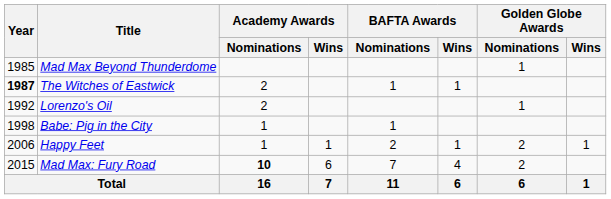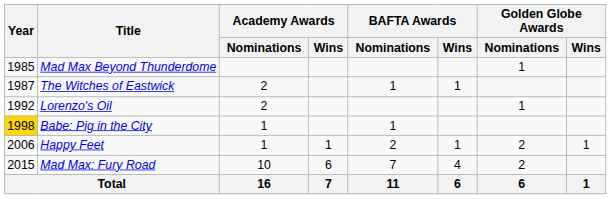 <table class="wikitable">
 <tr>
 <th rowspan="2">Year</th>
 <th rowspan="2">Title</th>
 <th colspan="2" style="text-align:center;" width=160>Academy Awards</th>
 <th colspan="2" style="text-align:center;" width=160>BAFTA Awards</th>
 <th colspan="2" style="text-align:center;" width=160>Golden Globe Awards</th>
 </tr>
 <tr>
 <th>Nominations</th>
 <th>Wins</th>
 <th>Nominations</th>
 <th>Wins</th>
 <th>Nominations</th>
 <th>Wins</th>
 </tr>
 <tr>
 <td>1985</td>
 <td><em><a href='#'>Mad Max Beyond Thunderdome</a></em></td>
 <td></td>
 <td></td>
 <td></td>
 <td></td>
 <td align=center>1</td>
 <td></td>
 </tr>
 <tr>
-<td><strong>1987</strong></td>
+<td>1987</td>
 <td><em><a href='#'>The Witches of Eastwick</a></em></td>
 <td align=center>2</td>
 <td></td>
 <td align=center>1</td>
 <td align=center>1</td>
 <td></td>
 <td></td>
 </tr>
 <tr>
 <td>1992</td>
 <td><em><a href='#'>Lorenzo's Oil</a></em></td>
 <td align=center>2</td>
 <td></td>
 <td></td>
 <td></td>
 <td align=center>1</td>
 <td></td>
 </tr>
 <tr>
-<td>1998</td>
+<td style="background: gold;">1998</td>
 <td><em><a href='#'>Babe: Pig in the City</a></em></td>
 <td align=center>1</td>
 <td></td>
 <td align=center>1</td>
 <td></td>
 <td></td>
 <td></td>
 </tr>
 <tr>
 <td>2006</td>
 <td><em><a href='#'>Happy Feet</a></em></td>
 <td align=center>1</td>
 <td align=center>1</td>
 <td align=center>2</td>
 <td align=center>1</td>
 <td align=center>2</td>
 <td align=center>1</td>
 </tr>
 <tr>
 <td>2015</td>
 <td><em><a href='#'>Mad Max: Fury Road</a></em></td>
-<td align=center><strong>10</strong></td>
+<td align=center>10</td>
 <td align=center>6</td>
 <td align=center>7</td>
 <td align=center>4</td>
 <td align=center>2</td>
 <td></td>
 </tr>
 <tr>
 <th colspan="2">Total</th>
 <th align=center>16</th>
 <th align=center>7</th>
 <th align=center>11</th>
 <th align=center>6</th>
 <th align=center>6</th>
 <th align=center>1</th>
 </tr>
 </table>
